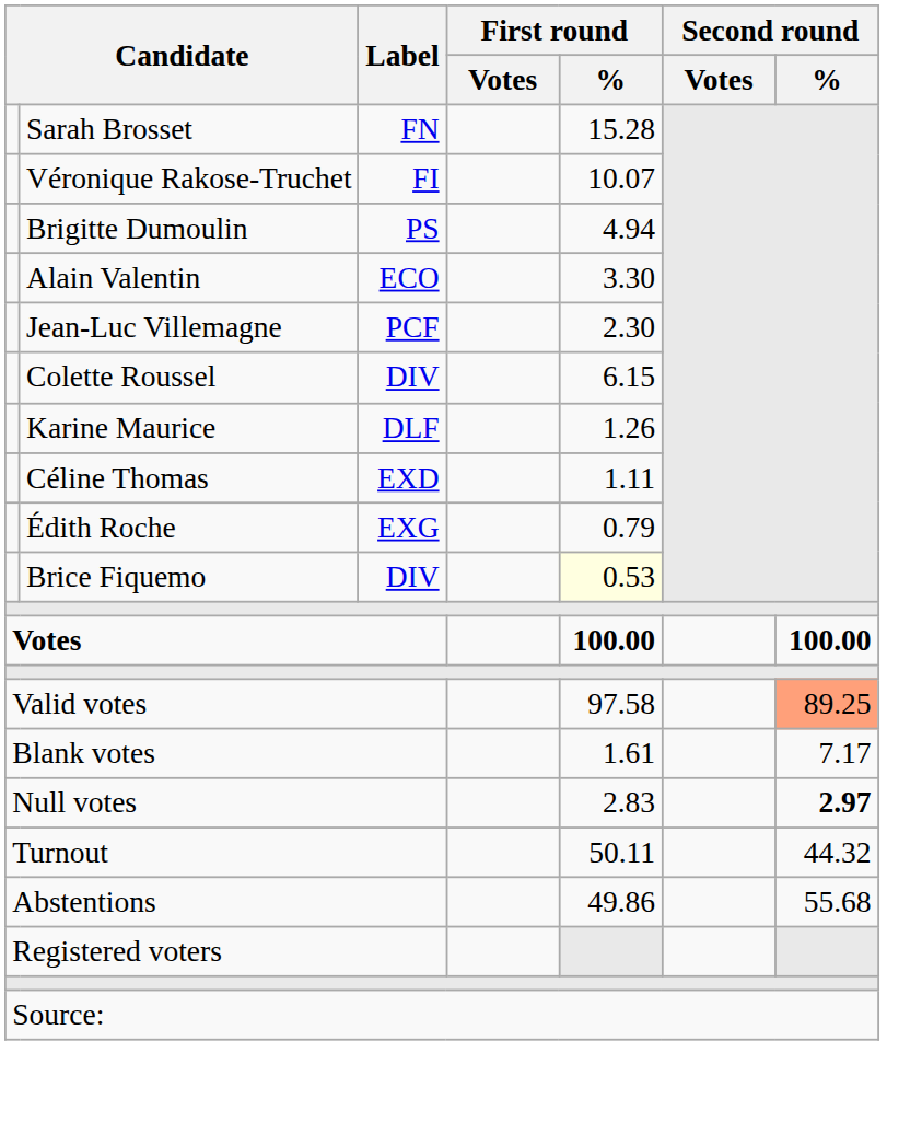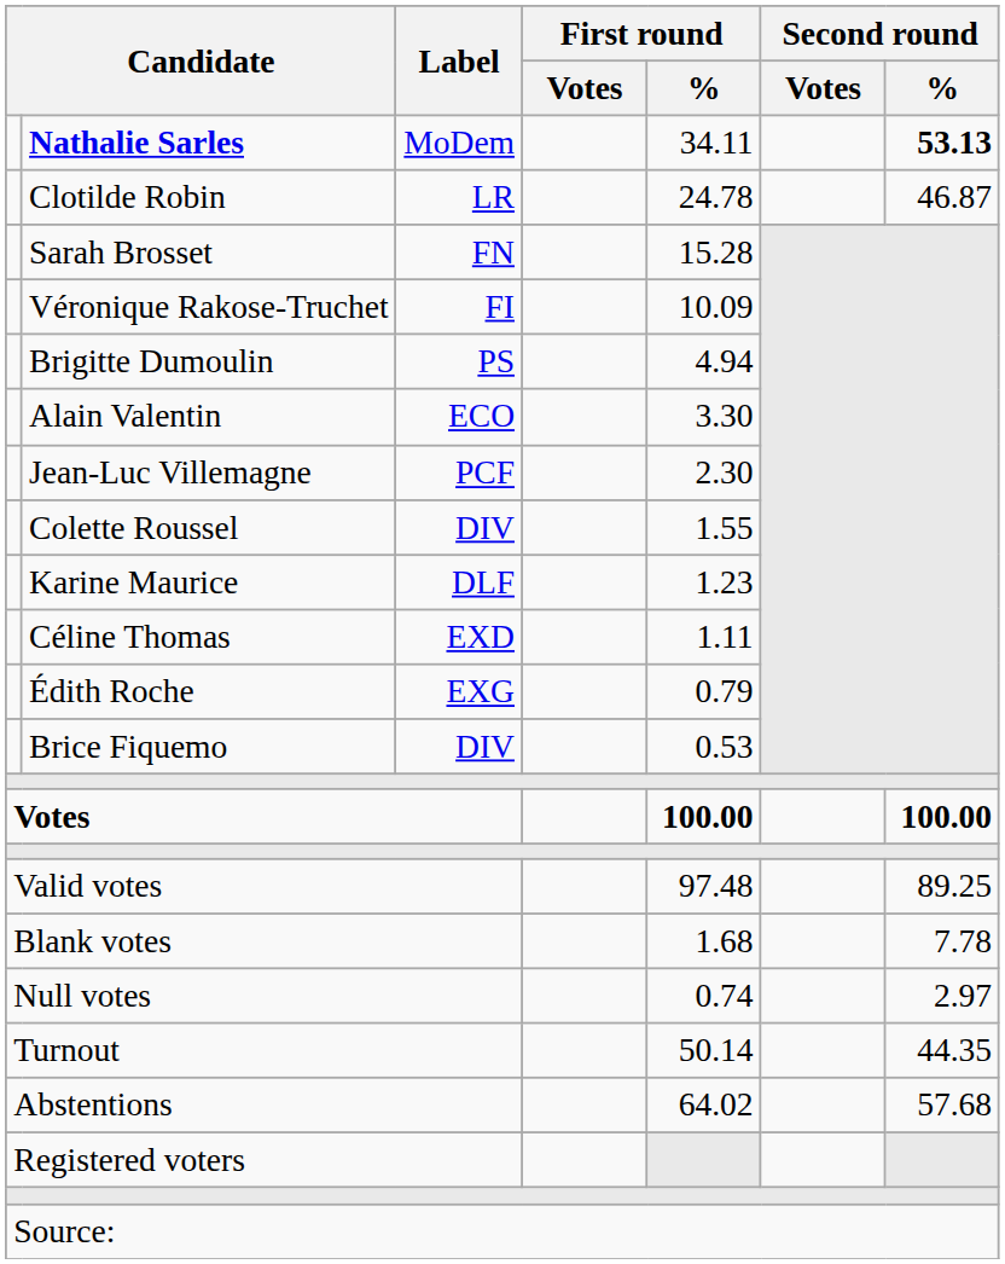 <table class="wikitable" style="text-align:right;font-size:95%;">
 <tr>
 <th rowspan="2" colspan="2">Candidate</th>
 <th rowspan="2">Label</th>
 <th colspan="2">First round</th>
 <th colspan="2">Second round</th>
 </tr>
 <tr>
 <th style="width:50px;">Votes</th>
 <th style="width:45px;">%</th>
 <th style="width:50px;">Votes</th>
 <th style="width:45px;">%</th>
 </tr>
 <tr>
 <td style="color:inherit;background:"></td>
+<td style="text-align:left;"><strong><a href='#'>Nathalie Sarles</a></strong></td>
+<td><a href='#'>MoDem</a></td>
+<td></td>
+<td>34.11</td>
+<td><strong></strong></td>
+<td><strong>53.13</strong></td>
+</tr>
+<tr>
+<td style="color:inherit;background:"></td>
+<td style="text-align:left;">Clotilde Robin</td>
+<td><a href='#'>LR</a></td>
+<td></td>
+<td>24.78</td>
+<td></td>
+<td>46.87</td>
+</tr>
+<tr>
+<td style="color:inherit;background:"></td>
 <td style="text-align:left;">Sarah Brosset</td>
 <td><a href='#'>FN</a></td>
 <td></td>
 <td>15.28</td>
 <td colspan="2" rowspan="10" style="background:#E9E9E9;"></td>
 </tr>
 <tr>
 <td style="color:inherit;background:"></td>
 <td style="text-align:left;">Véronique Rakose-Truchet</td>
 <td><a href='#'>FI</a></td>
 <td></td>
-<td>10.07</td>
+<td>10.09</td>
 </tr>
 <tr>
 <td style="color:inherit;background:"></td>
 <td style="text-align:left;">Brigitte Dumoulin</td>
 <td><a href='#'>PS</a></td>
 <td></td>
 <td>4.94</td>
 </tr>
 <tr>
 <td style="color:inherit;background:"></td>
 <td style="text-align:left;">Alain Valentin</td>
 <td><a href='#'>ECO</a></td>
 <td></td>
 <td>3.30</td>
 </tr>
 <tr>
 <td style="color:inherit;background:"></td>
 <td style="text-align:left;">Jean-Luc Villemagne</td>
 <td><a href='#'>PCF</a></td>
 <td></td>
 <td>2.30</td>
 </tr>
 <tr>
 <td style="color:inherit;background:"></td>
 <td style="text-align:left;">Colette Roussel</td>
 <td><a href='#'>DIV</a></td>
 <td></td>
-<td>6.15</td>
+<td>1.55</td>
 </tr>
 <tr>
 <td style="color:inherit;background:"></td>
 <td style="text-align:left;">Karine Maurice</td>
 <td><a href='#'>DLF</a></td>
 <td></td>
-<td>1.26</td>
+<td>1.23</td>
 </tr>
 <tr>
 <td style="color:inherit;background:"></td>
 <td style="text-align:left;">Céline Thomas</td>
 <td><a href='#'>EXD</a></td>
 <td></td>
 <td>1.11</td>
 </tr>
 <tr>
 <td style="color:inherit;background:"></td>
 <td style="text-align:left;">Édith Roche</td>
 <td><a href='#'>EXG</a></td>
 <td></td>
 <td>0.79</td>
 </tr>
 <tr>
 <td style="color:inherit;background:"></td>
 <td style="text-align:left;">Brice Fiquemo</td>
 <td><a href='#'>DIV</a></td>
 <td></td>
-<td style="background: lightyellow;">0.53</td>
+<td>0.53</td>
 </tr>
 <tr>
 <td colspan="7" style="background:#E9E9E9;"></td>
 </tr>
 <tr style="font-weight:bold;">
 <td colspan="3" style="text-align:left;">Votes</td>
 <td></td>
 <td>100.00</td>
 <td></td>
 <td>100.00</td>
 </tr>
 <tr>
 <td colspan="7" style="background:#E9E9E9;"></td>
 </tr>
 <tr>
 <td colspan="3" style="text-align:left;">Valid votes</td>
 <td></td>
-<td>97.58</td>
+<td>97.48</td>
 <td></td>
-<td style="background: lightsalmon;">89.25</td>
+<td>89.25</td>
 </tr>
 <tr>
 <td colspan="3" style="text-align:left;">Blank votes</td>
 <td></td>
-<td>1.61</td>
+<td>1.68</td>
 <td></td>
-<td>7.17</td>
+<td>7.78</td>
 </tr>
 <tr>
 <td colspan="3" style="text-align:left;">Null votes</td>
 <td></td>
-<td>2.83</td>
+<td>0.74</td>
 <td></td>
-<td><strong>2.97</strong></td>
+<td>2.97</td>
 </tr>
 <tr>
 <td colspan="3" style="text-align:left;">Turnout</td>
 <td></td>
-<td>50.11</td>
+<td>50.14</td>
 <td></td>
-<td>44.32</td>
+<td>44.35</td>
 </tr>
 <tr>
 <td colspan="3" style="text-align:left;">Abstentions</td>
 <td></td>
-<td>49.86</td>
+<td>64.02</td>
 <td></td>
-<td>55.68</td>
+<td>57.68</td>
 </tr>
 <tr>
 <td colspan="3" style="text-align:left;">Registered voters</td>
 <td></td>
 <td style="color:inherit;background:#E9E9E9;"></td>
 <td></td>
 <td style="color:inherit;background:#E9E9E9;"></td>
 </tr>
 <tr>
 <td colspan="7" style="background:#E9E9E9;"></td>
 </tr>
 <tr>
 <td colspan="7" style="text-align:left;">Source: </td>
 </tr>
 </table>
